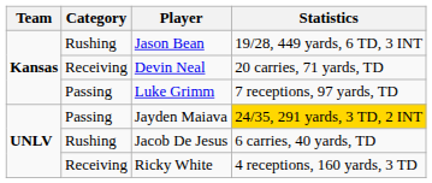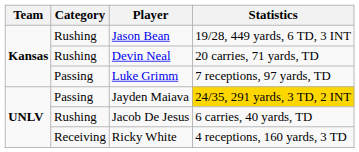 <table class="wikitable" style="float: right;">
 <tr>
 <th>Team</th>
 <th>Category</th>
 <th>Player</th>
 <th>Statistics</th>
 </tr>
 <tr>
 <td rowspan=3><strong>Kansas</strong></td>
 <td>Rushing</td>
 <td><a href='#'>Jason Bean</a></td>
 <td>19/28, 449 yards, 6 TD, 3 INT</td>
 </tr>
 <tr>
-<td>Receiving</td>
+<td>Rushing</td>
 <td><a href='#'>Devin Neal</a></td>
 <td>20 carries, 71 yards, TD</td>
 </tr>
 <tr>
 <td>Passing</td>
 <td><a href='#'>Luke Grimm</a></td>
 <td>7 receptions, 97 yards, TD</td>
 </tr>
 <tr>
 <td rowspan=3><strong>UNLV</strong></td>
 <td>Passing</td>
 <td>Jayden Maiava</td>
 <td style="background: gold;">24/35, 291 yards, 3 TD, 2 INT</td>
 </tr>
 <tr>
 <td>Rushing</td>
 <td>Jacob De Jesus</td>
 <td>6 carries, 40 yards, TD</td>
 </tr>
 <tr>
 <td>Receiving</td>
 <td>Ricky White</td>
 <td>4 receptions, 160 yards, 3 TD</td>
 </tr>
 </table>
